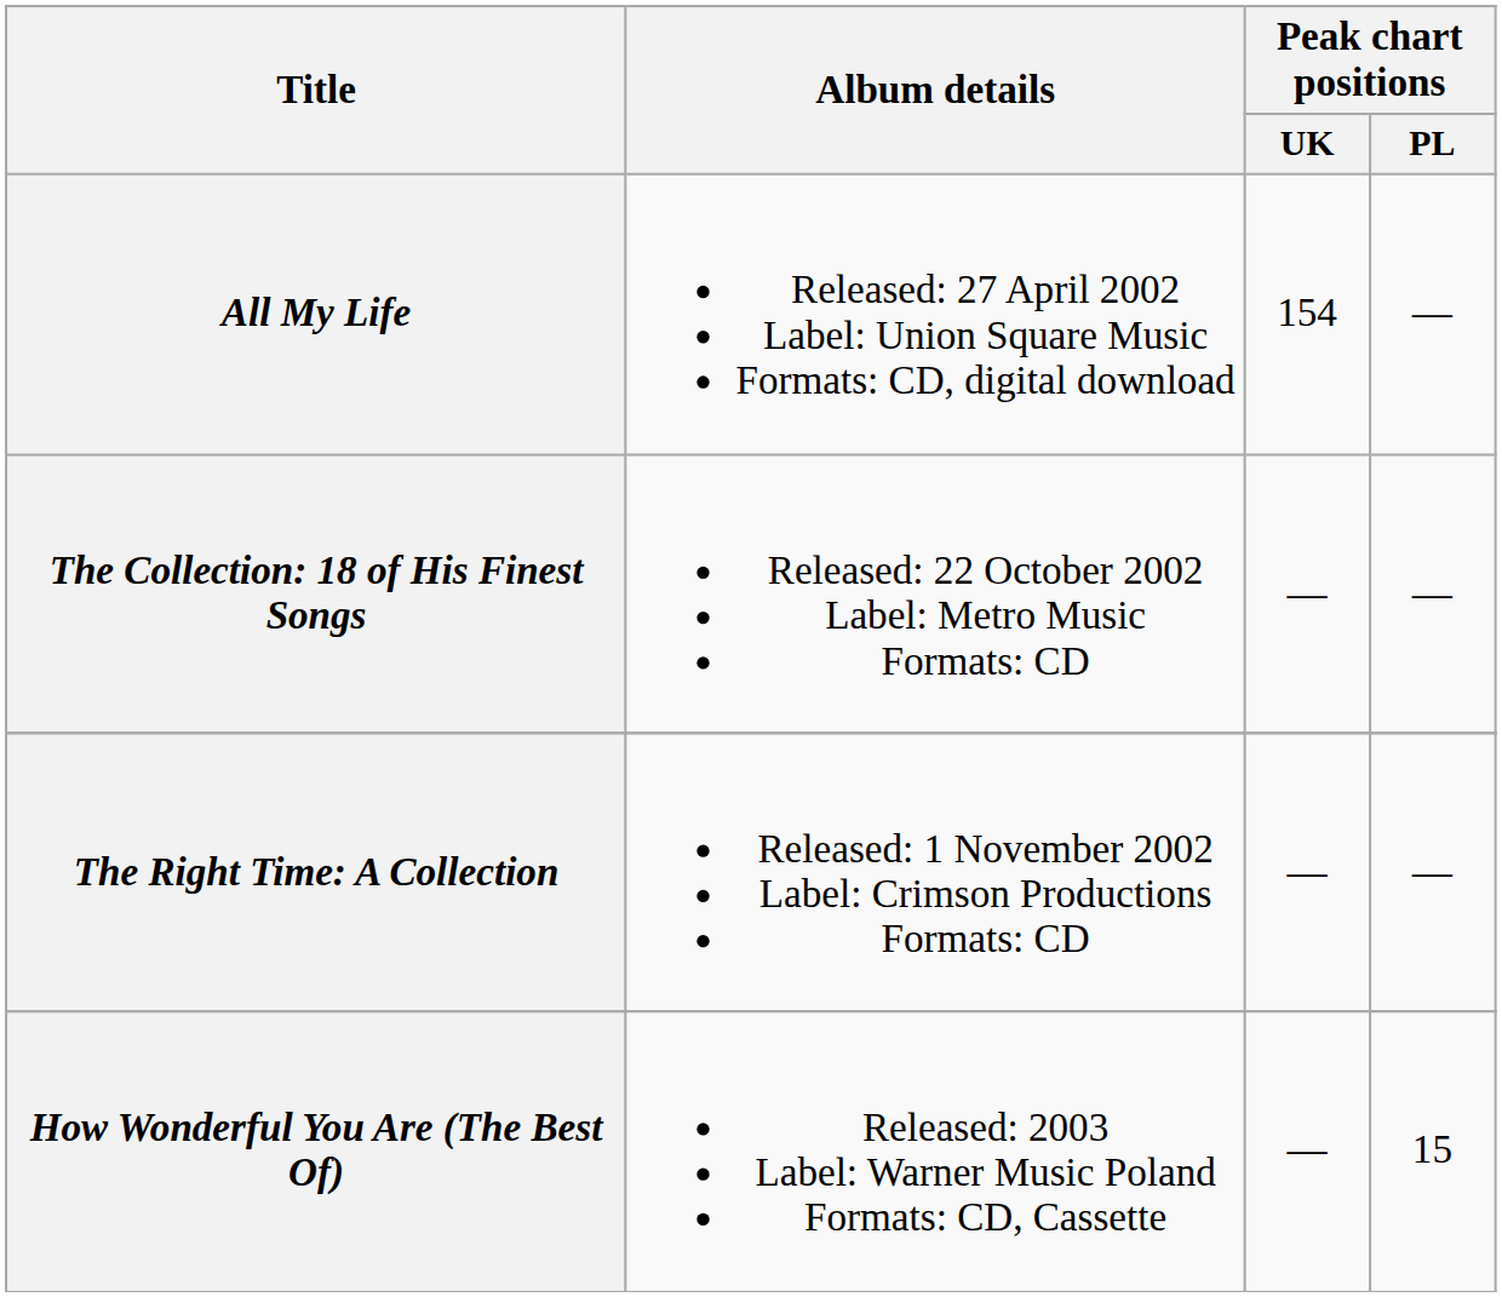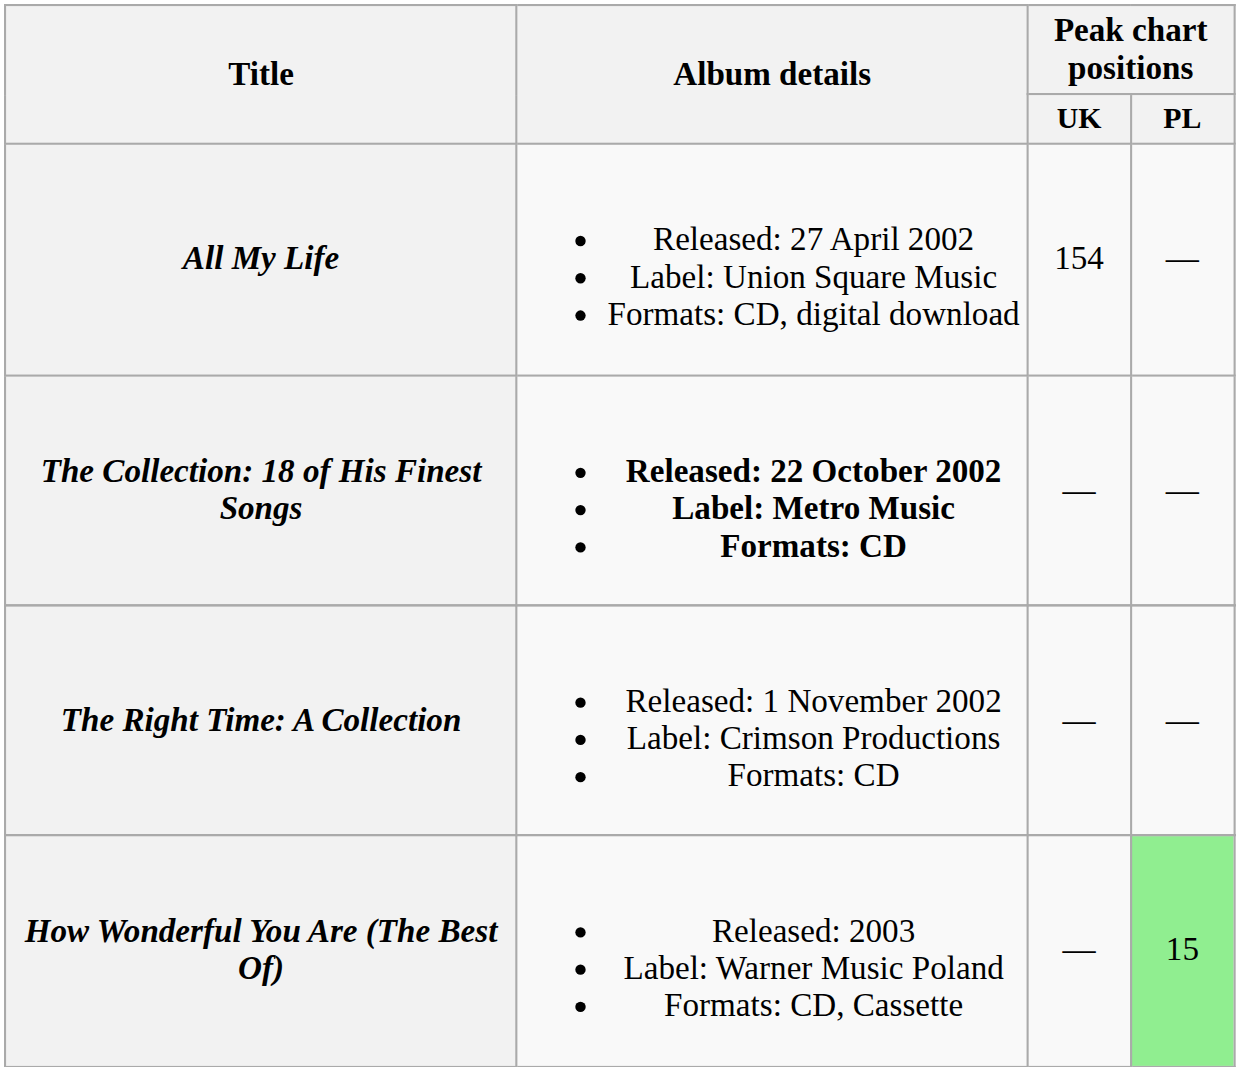 <table class="wikitable plainrowheaders" style="text-align:center;">
 <tr>
 <th scope="col" rowspan="2" style="width:15em;">Title</th>
 <th scope="col" rowspan="2">Album details</th>
 <th scope="col" colspan="2">Peak chart positions</th>
 </tr>
 <tr>
 <th scope="col" style="width:3em;font-size:90%;">UK<br></th>
 <th scope="col" style="width:3em;font-size:90%;">PL<br></th>
 </tr>
 <tr>
 <th scope="row"><em>All My Life</em></th>
 <td><br><ul><li>Released: 27 April 2002</li><li>Label: Union Square Music</li><li>Formats: CD, digital download</li></ul></td>
 <td>154</td>
 <td>—</td>
 </tr>
 <tr>
 <th scope="row"><em>The Collection: 18 of His Finest Songs</em></th>
-<td><br><ul><li>Released: 22 October 2002</li><li>Label: Metro Music</li><li>Formats: CD</li></ul></td>
+<td><strong><br><ul><li>Released: 22 October 2002</li><li>Label: Metro Music</li><li>Formats: CD</li></ul></strong></td>
 <td>—</td>
 <td>—</td>
 </tr>
 <tr>
 </tr>
 <tr>
 <th scope="row"><em>The Right Time: A Collection</em></th>
 <td><br><ul><li>Released: 1 November 2002</li><li>Label: Crimson Productions</li><li>Formats: CD</li></ul></td>
 <td>—</td>
 <td>—</td>
 </tr>
 <tr>
 </tr>
 <tr>
 <th scope="row"><em>How Wonderful You Are (The Best Of)</em></th>
 <td><br><ul><li>Released: 2003</li><li>Label: Warner Music Poland</li><li>Formats: CD, Cassette</li></ul></td>
 <td>—</td>
-<td>15</td>
+<td style="background: lightgreen;">15</td>
 </tr>
 </table>
